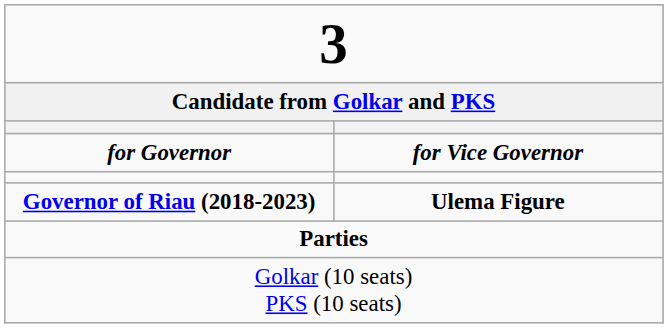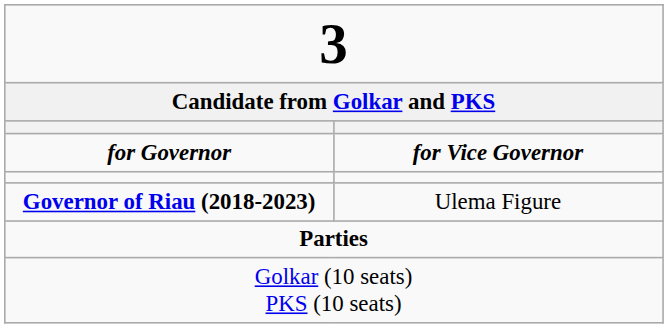 <table class="wikitable" style="font-size:90%; text-align:center;">
 <tr>
 <td colspan=2><big><big><big><big><big><strong>3</strong></big></big></big></big></big></td>
 </tr>
 <tr>
 <td colspan=2 style="background:#f1f1f1;"><strong>Candidate from <a href='#'>Golkar</a> and <a href='#'>PKS</a></strong></td>
 </tr>
 <tr>
 <th style="width:3em; font-size:135%; background:#"><a href='#'></a></th>
 <th style="width:3em; font-size:135%; background:#"></th>
 </tr>
 <tr style="color:#000; font-size:100%; background:#">
 <td style="width:3em; width:200px;"><strong><em>for Governor</em></strong></td>
 <td style="width:3em; width:200px;"><strong><em>for Vice Governor</em></strong></td>
 </tr>
 <tr>
 <td></td>
 <td></td>
 </tr>
 <tr>
 <td><strong><a href='#'>Governor of Riau</a> (2018-2023)</strong></td>
-<td><strong>Ulema Figure</strong></td>
+<td>Ulema Figure</td>
 </tr>
 <tr>
 <td colspan=2 style="background:#"><strong>Parties</strong></td>
 </tr>
 <tr>
 <td colspan=2> <a href='#'>Golkar</a> (10 seats) <br><a href='#'>PKS</a> (10 seats)</td>
 </tr>
 </table>
